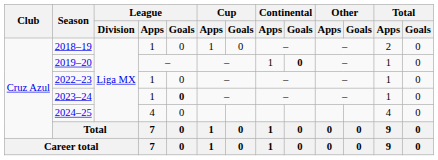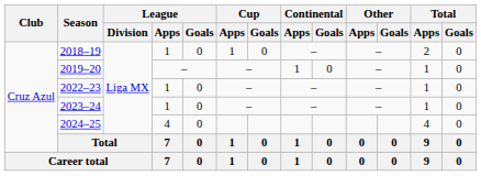 <table class="wikitable" style="text-align: center">
 <tr>
 <th rowspan="2">Club</th>
 <th rowspan="2">Season</th>
 <th colspan="3">League</th>
 <th colspan="2">Cup</th>
 <th colspan="2">Continental</th>
 <th colspan="2">Other</th>
 <th colspan="2">Total</th>
 </tr>
 <tr>
 <th>Division</th>
 <th>Apps</th>
 <th>Goals</th>
 <th>Apps</th>
 <th>Goals</th>
 <th>Apps</th>
 <th>Goals</th>
 <th>Apps</th>
 <th>Goals</th>
 <th>Apps</th>
 <th>Goals</th>
 </tr>
 <tr>
 <td rowspan="6"><a href='#'>Cruz Azul</a></td>
 <td><a href='#'>2018–19</a></td>
 <td rowspan="5"><a href='#'>Liga MX</a></td>
 <td>1</td>
 <td>0</td>
 <td>1</td>
 <td>0</td>
 <td colspan="2">–</td>
 <td colspan="2">–</td>
 <td>2</td>
 <td>0</td>
 </tr>
 <tr>
 <td><a href='#'>2019–20</a></td>
 <td colspan="2">–</td>
 <td colspan="2">–</td>
 <td>1</td>
-<td><strong>0</strong></td>
+<td>0</td>
 <td colspan="2">–</td>
 <td>1</td>
 <td>0</td>
 </tr>
 <tr>
 <td><a href='#'>2022–23</a></td>
 <td>1</td>
 <td>0</td>
 <td colspan="2">–</td>
 <td colspan="2">–</td>
 <td colspan="2">–</td>
 <td>1</td>
 <td>0</td>
 </tr>
 <tr>
 <td><a href='#'>2023–24</a></td>
 <td>1</td>
-<td><strong>0</strong></td>
+<td>0</td>
 <td colspan="2">–</td>
 <td colspan="2">–</td>
 <td colspan="2">–</td>
 <td>1</td>
 <td>0</td>
 </tr>
 <tr>
 <td><a href='#'>2024–25</a></td>
 <td>4</td>
 <td>0</td>
 <td></td>
 <td></td>
 <td></td>
 <td></td>
 <td></td>
 <td></td>
 <td>4</td>
 <td>0</td>
 </tr>
 <tr>
 <th colspan="2"><strong>Total</strong></th>
 <th>7</th>
 <th>0</th>
 <th>1</th>
 <th>0</th>
 <th>1</th>
 <th>0</th>
 <th>0</th>
 <th>0</th>
 <th>9</th>
 <th>0</th>
 </tr>
 <tr>
 <th colspan="3"><strong>Career total</strong></th>
 <th>7</th>
 <th>0</th>
 <th>1</th>
 <th>0</th>
 <th>1</th>
 <th>0</th>
 <th>0</th>
 <th>0</th>
 <th>9</th>
 <th>0</th>
 </tr>
 </table>
